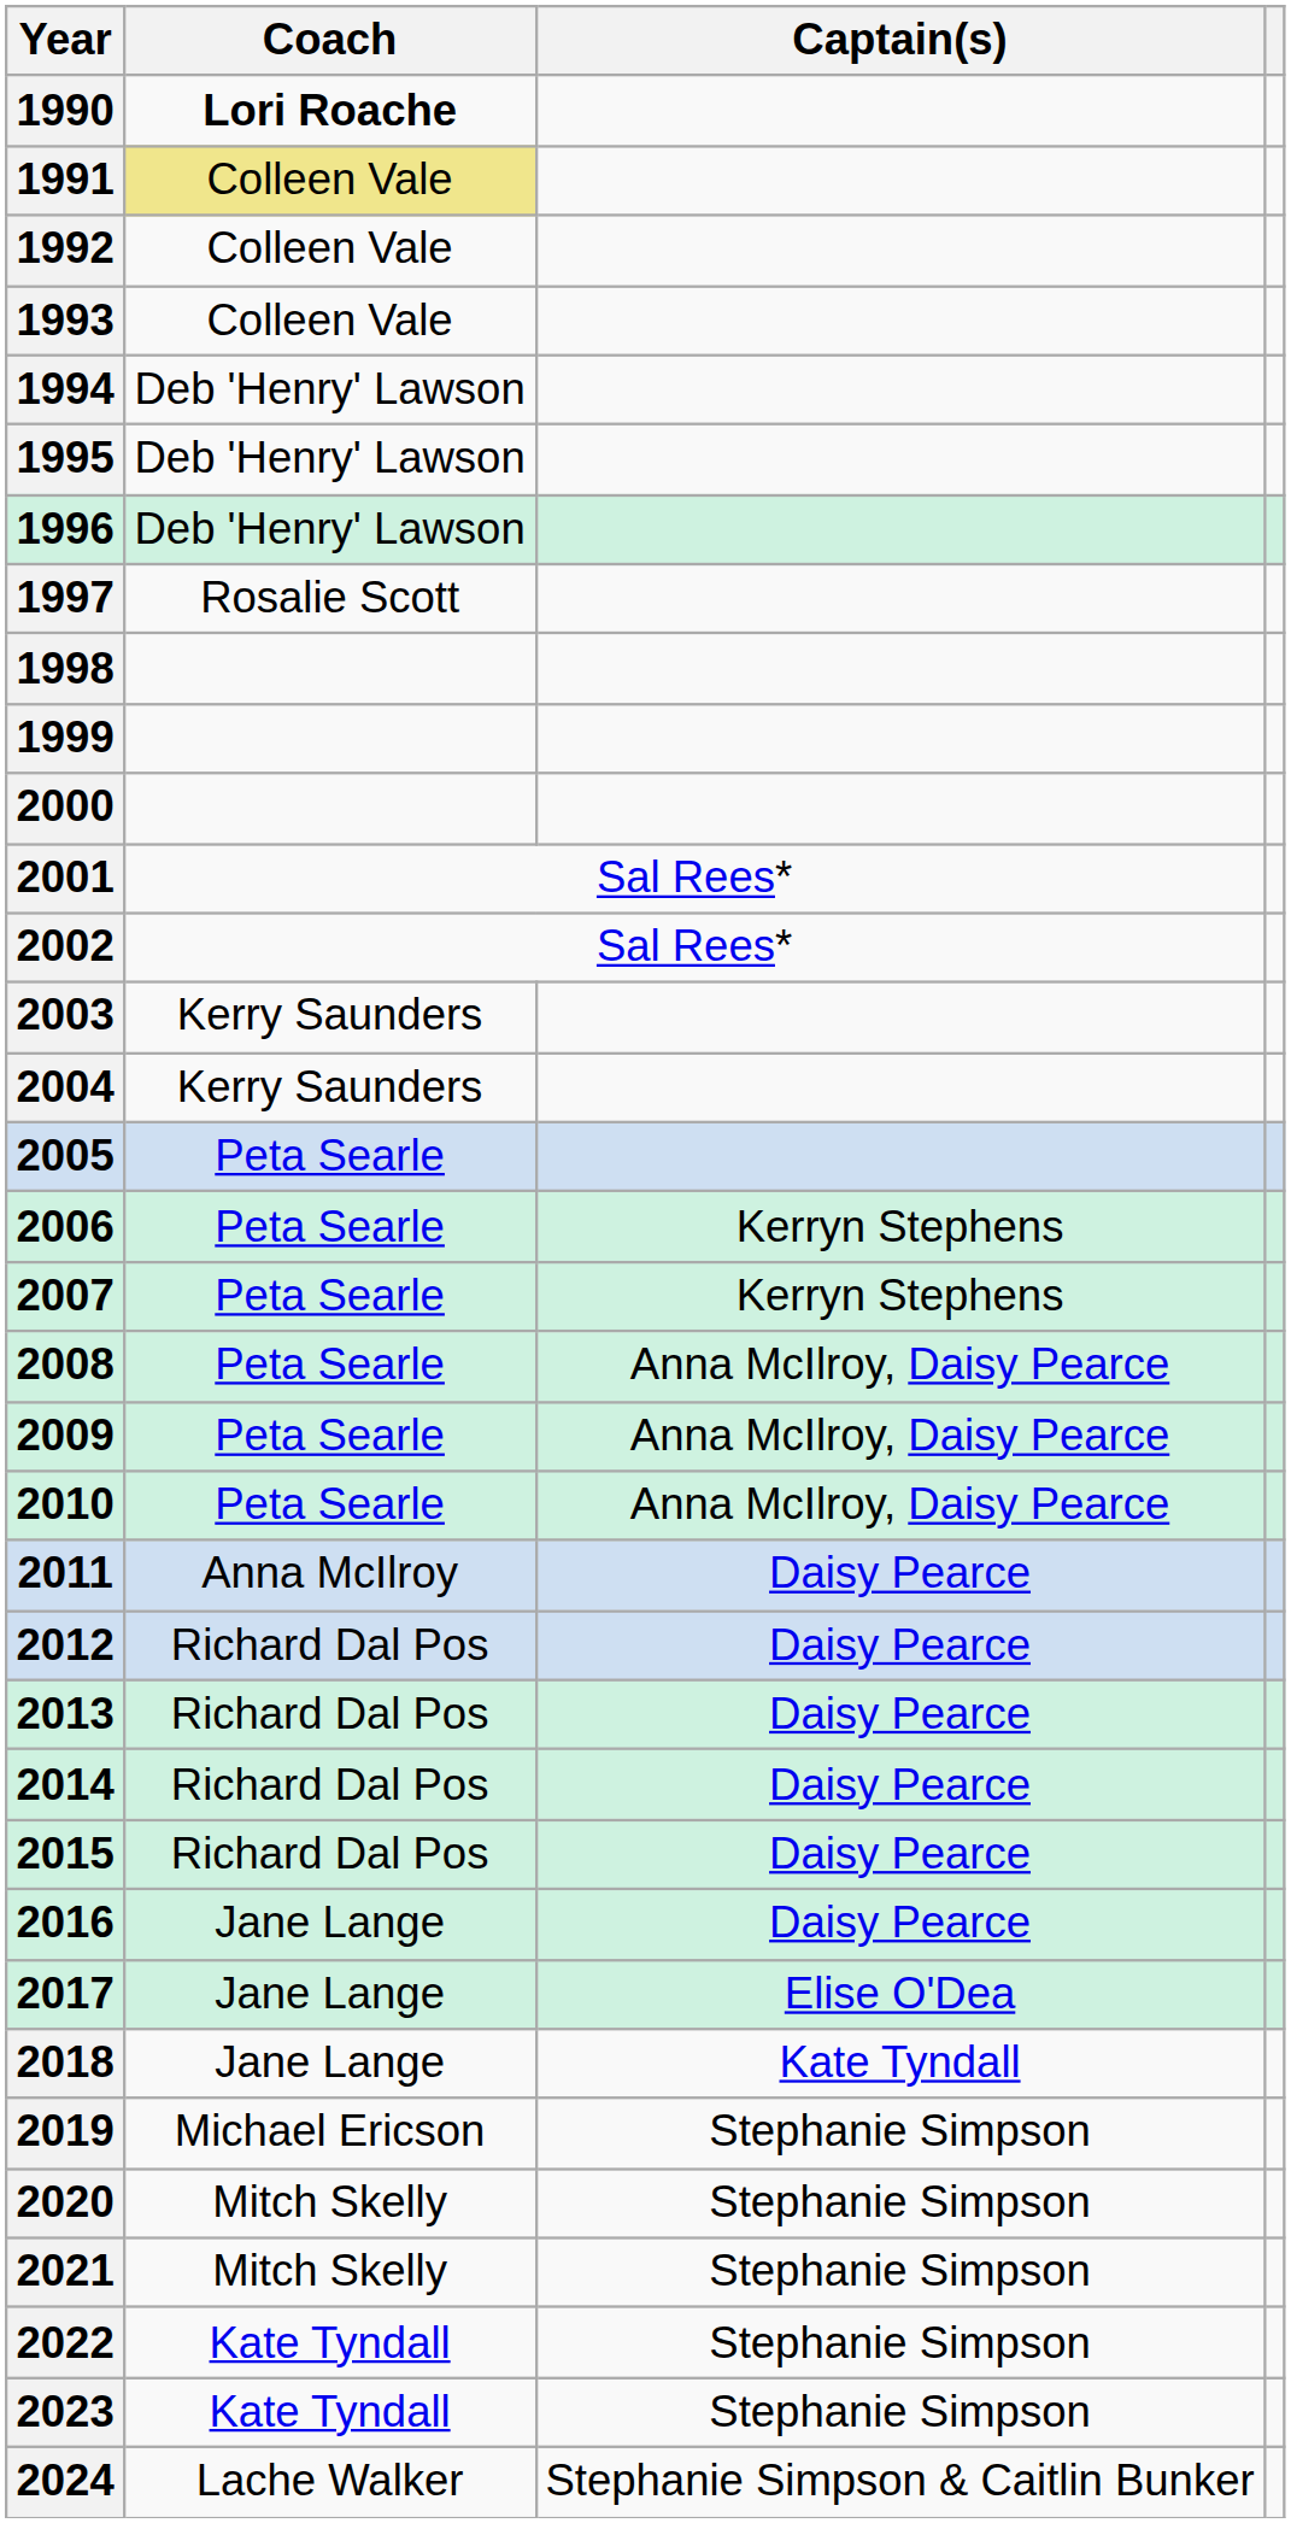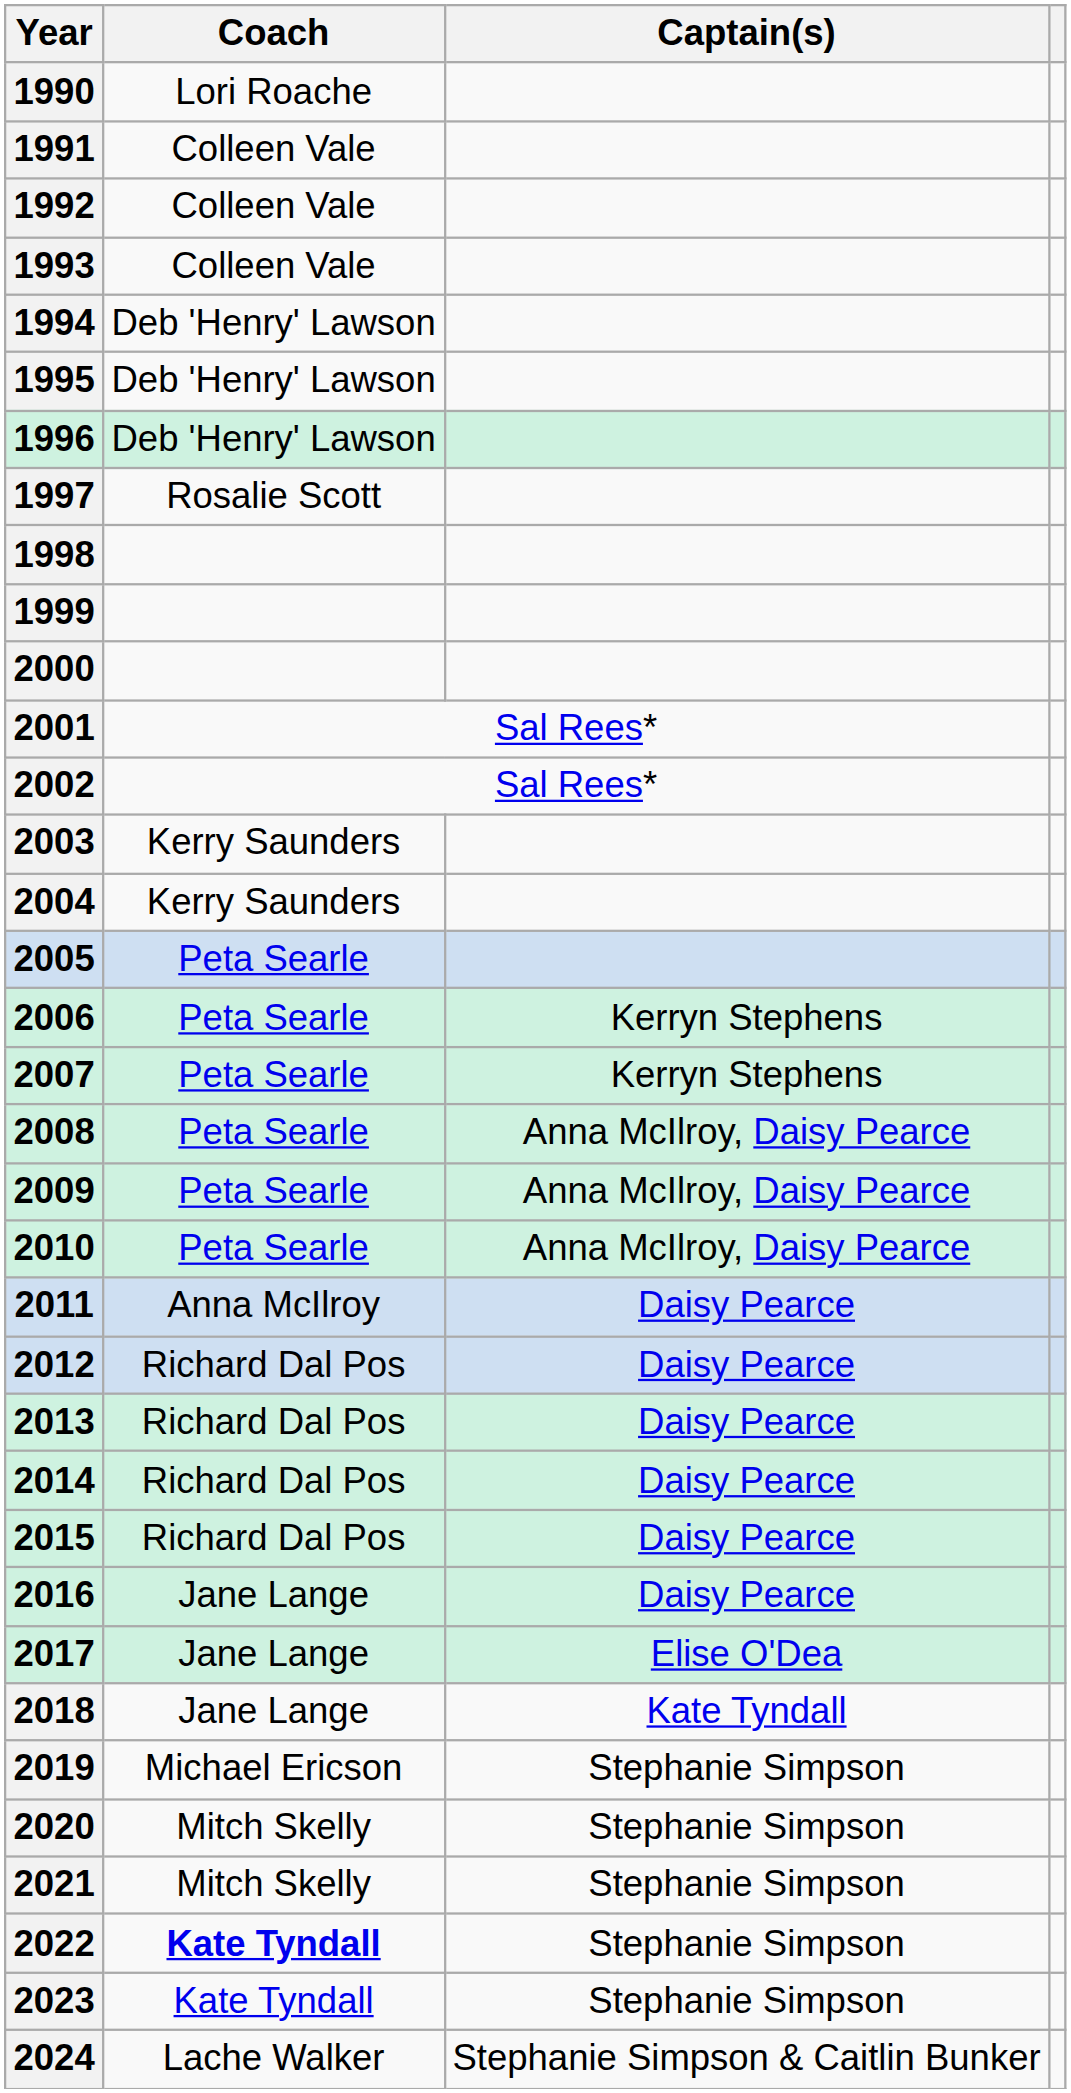 <table class="wikitable plainrowheaders" style="text-align: center;">
 <tr>
 <th scope="col">Year</th>
 <th scope="col">Coach</th>
 <th scope="col">Captain(s)</th>
 <th scope="col"></th>
 </tr>
 <tr>
 <th scope="row">1990</th>
-<td><strong>Lori Roache</strong></td>
+<td>Lori Roache</td>
 <td></td>
 <td></td>
 </tr>
 <tr>
 <th scope="row">1991</th>
-<td style="background: khaki;">Colleen Vale</td>
+<td>Colleen Vale</td>
 <td></td>
 <td></td>
 </tr>
 <tr>
 <th scope="row">1992</th>
 <td>Colleen Vale</td>
 <td></td>
 <td></td>
 </tr>
 <tr>
 <th scope="row">1993</th>
 <td>Colleen Vale</td>
 <td></td>
 <td></td>
 </tr>
 <tr>
 <th scope="row">1994</th>
 <td>Deb 'Henry' Lawson</td>
 <td></td>
 <td></td>
 </tr>
 <tr>
 <th scope="row">1995</th>
 <td>Deb 'Henry' Lawson</td>
 <td></td>
 <td></td>
 </tr>
 <tr style="background:#cef2e0">
 <th scope="row" style="background:#cef2e0">1996</th>
 <td>Deb 'Henry' Lawson</td>
 <td></td>
 <td></td>
 </tr>
 <tr>
 <th scope="row">1997</th>
 <td>Rosalie Scott</td>
 <td></td>
 <td></td>
 </tr>
 <tr>
 <th scope="row">1998</th>
 <td></td>
 <td></td>
 <td></td>
 </tr>
 <tr>
 <th scope="row">1999</th>
 <td></td>
 <td></td>
 <td></td>
 </tr>
 <tr>
 <th scope="row">2000</th>
 <td></td>
 <td></td>
 <td></td>
 </tr>
 <tr>
 <th scope="row">2001</th>
 <td colspan="2"><a href='#'>Sal Rees</a>*</td>
 <td></td>
 </tr>
 <tr>
 <th scope="row">2002</th>
 <td colspan="2"><a href='#'>Sal Rees</a>*</td>
 <td></td>
 </tr>
 <tr>
 <th scope="row">2003</th>
 <td>Kerry Saunders</td>
 <td></td>
 <td></td>
 </tr>
 <tr>
 <th scope="row">2004</th>
 <td>Kerry Saunders</td>
 <td></td>
 <td></td>
 </tr>
 <tr style="background:#cedff2">
 <th scope="row" style="background:#cedff2">2005</th>
 <td><a href='#'>Peta Searle</a></td>
 <td></td>
 <td></td>
 </tr>
 <tr style="background:#cef2e0">
 <th scope="row" style="background:#cef2e0">2006</th>
 <td><a href='#'>Peta Searle</a></td>
 <td>Kerryn Stephens</td>
 <td></td>
 </tr>
 <tr style="background:#cef2e0">
 <th scope="row" style="background:#cef2e0">2007</th>
 <td><a href='#'>Peta Searle</a></td>
 <td>Kerryn Stephens</td>
 <td></td>
 </tr>
 <tr style="background:#cef2e0">
 <th scope="row" style="background:#cef2e0">2008</th>
 <td><a href='#'>Peta Searle</a></td>
 <td>Anna McIlroy, <a href='#'>Daisy Pearce</a></td>
 <td></td>
 </tr>
 <tr style="background:#cef2e0">
 <th scope="row" style="background:#cef2e0">2009</th>
 <td><a href='#'>Peta Searle</a></td>
 <td>Anna McIlroy, <a href='#'>Daisy Pearce</a></td>
 <td></td>
 </tr>
 <tr style="background:#cef2e0">
 <th scope="row" style="background:#cef2e0">2010</th>
 <td><a href='#'>Peta Searle</a></td>
 <td>Anna McIlroy, <a href='#'>Daisy Pearce</a></td>
 <td></td>
 </tr>
 <tr style="background:#cedff2">
 <th scope="row" style="background:#cedff2">2011</th>
 <td>Anna McIlroy</td>
 <td><a href='#'>Daisy Pearce</a></td>
 <td></td>
 </tr>
 <tr style="background:#cedff2">
 <th scope="row" style="background:#cedff2">2012</th>
 <td>Richard Dal Pos</td>
 <td><a href='#'>Daisy Pearce</a></td>
 <td></td>
 </tr>
 <tr style="background:#cef2e0">
 <th scope="row" style="background:#cef2e0">2013</th>
 <td>Richard Dal Pos</td>
 <td><a href='#'>Daisy Pearce</a></td>
 <td></td>
 </tr>
 <tr style="background:#cef2e0">
 <th scope="row" style="background:#cef2e0">2014</th>
 <td>Richard Dal Pos</td>
 <td><a href='#'>Daisy Pearce</a></td>
 <td></td>
 </tr>
 <tr style="background:#cef2e0">
 <th scope="row" style="background:#cef2e0">2015</th>
 <td>Richard Dal Pos</td>
 <td><a href='#'>Daisy Pearce</a></td>
 <td></td>
 </tr>
 <tr style="background:#cef2e0">
 <th scope="row" style="background:#cef2e0">2016</th>
 <td>Jane Lange</td>
 <td><a href='#'>Daisy Pearce</a></td>
 <td></td>
 </tr>
 <tr style="background:#cef2e0">
 <th scope="row" style="background:#cef2e0">2017</th>
 <td>Jane Lange</td>
 <td><a href='#'>Elise O'Dea</a></td>
 <td></td>
 </tr>
 <tr>
 <th scope="row">2018</th>
 <td>Jane Lange</td>
 <td><a href='#'>Kate Tyndall</a></td>
 <td></td>
 </tr>
 <tr>
 <th scope="row">2019</th>
 <td>Michael Ericson</td>
 <td>Stephanie Simpson</td>
 <td></td>
 </tr>
 <tr>
 <th scope="row">2020</th>
 <td>Mitch Skelly</td>
 <td>Stephanie Simpson</td>
 <td></td>
 </tr>
 <tr>
 <th scope="row">2021</th>
 <td>Mitch Skelly</td>
 <td>Stephanie Simpson</td>
 <td></td>
 </tr>
 <tr>
 <th scope="row">2022</th>
-<td><a href='#'>Kate Tyndall</a></td>
+<td><strong><a href='#'>Kate Tyndall</a></strong></td>
 <td>Stephanie Simpson</td>
 <td></td>
 </tr>
 <tr>
 <th scope="row">2023</th>
 <td><a href='#'>Kate Tyndall</a></td>
 <td>Stephanie Simpson</td>
 <td></td>
 </tr>
 <tr>
 <th scope="row">2024</th>
 <td>Lache Walker</td>
 <td>Stephanie Simpson & Caitlin Bunker</td>
 <td></td>
 </tr>
 </table>
